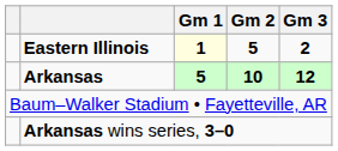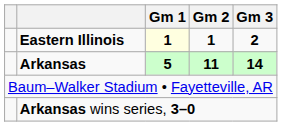 <table class="wikitable" style="float:right; font-size:90%">
 <tr>
 <th style="width: 5px"></th>
 <th style="width: 120px"></th>
 <th>Gm 1</th>
 <th>Gm 2</th>
 <th>Gm 3</th>
 </tr>
 <tr>
 <td></td>
 <td><strong>Eastern Illinois</strong></td>
 <td style="background: lightyellow; text-align:center"><strong>1</strong></td>
-<td style="text-align:center"><strong>5</strong></td>
+<td style="text-align:center"><strong>1</strong></td>
 <td style="text-align:center"><strong>2</strong></td>
 </tr>
 <tr>
 <td></td>
 <td><strong>Arkansas</strong></td>
 <td style="background:#ccffcc; text-align:center"><strong>5</strong></td>
-<td style="background:#ccffcc; text-align:center"><strong>10</strong></td>
-<td style="background:#ccffcc; text-align:center"><strong>12</strong></td>
+<td style="background:#ccffcc; text-align:center"><strong>11</strong></td>
+<td style="background:#ccffcc; text-align:center"><strong>14</strong></td>
 </tr>
 <tr>
 <td colspan=5 style="text-align:center"><a href='#'>Baum–Walker Stadium</a> • <a href='#'>Fayetteville, AR</a></td>
 </tr>
 <tr>
 <td></td>
 <td colspan=4><strong>Arkansas</strong> wins series, <strong>3–0</strong></td>
 </tr>
 </table>
